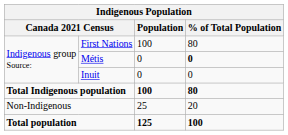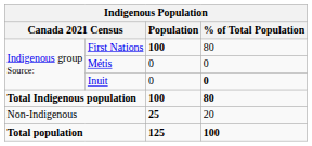 <table class="wikitable">
 <tr>
 <th colspan=4>Indigenous Population</th>
 </tr>
 <tr>
 <th colspan=2>Canada 2021 Census</th>
 <th>Population</th>
 <th>% of Total Population</th>
 </tr>
 <tr>
 <td rowspan=3><a href='#'>Indigenous</a> group<br><small>Source:</small></td>
 <td><a href='#'>First Nations</a></td>
-<td>100</td>
+<td><strong>100</strong></td>
 <td>80</td>
 </tr>
 <tr>
 <td><a href='#'>Métis</a></td>
 <td>0</td>
-<td><strong>0</strong></td>
+<td>0</td>
 </tr>
 <tr>
 <td><a href='#'>Inuit</a></td>
 <td>0</td>
-<td>0</td>
+<td><strong>0</strong></td>
 </tr>
 <tr style="font-weight:bold">
 <td colspan=2>Total Indigenous population</td>
 <td>100</td>
 <td>80</td>
 </tr>
 <tr>
 <td colspan=2>Non-Indigenous</td>
-<td>25</td>
+<td><strong>25</strong></td>
 <td>20</td>
 </tr>
 <tr style="font-weight:bold">
 <td colspan=2>Total population</td>
 <td>125</td>
 <td>100</td>
 </tr>
 </table>
